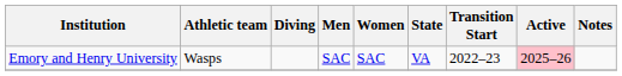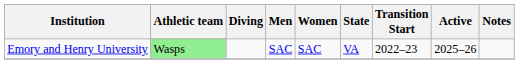 <table class="wikitable sortable" style="font-size:90%">
 <tr>
 <th>Institution</th>
 <th>Athletic team</th>
 <th>Diving</th>
 <th>Men</th>
 <th>Women</th>
 <th>State</th>
 <th>Transition<br>Start</th>
 <th>Active</th>
 <th>Notes</th>
 </tr>
 <tr>
 <td><a href='#'>Emory and Henry University</a></td>
-<td>Wasps</td>
+<td style="background: lightgreen;">Wasps</td>
 <td></td>
 <td><a href='#'>SAC</a></td>
 <td><a href='#'>SAC</a></td>
 <td><a href='#'>VA</a></td>
 <td>2022–23</td>
-<td style="background: pink;">2025–26</td>
+<td>2025–26</td>
 <td></td>
 </tr>
 <tr>
 </tr>
 </table>
